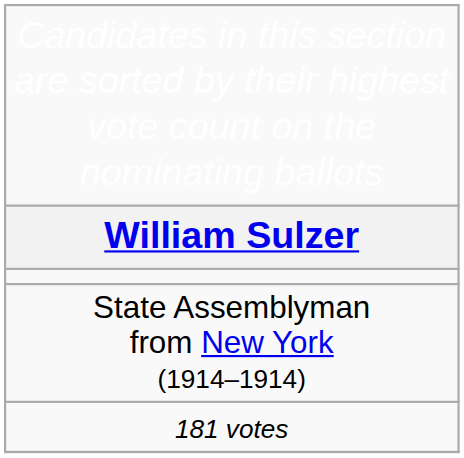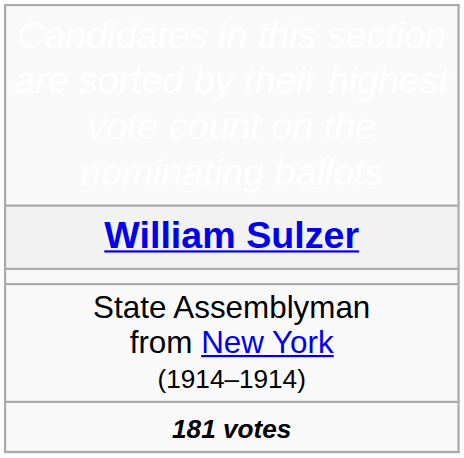 <table class="wikitable" style="font-size:90%">
 <tr>
 <td colspan="1" style="text-align:center; width:200px; font-size:120%; color:white; background:"><em>Candidates in this section are sorted by their highest vote count on the nominating ballots</em></td>
 </tr>
 <tr>
 <th scope="col" style="width:3em; font-size:120%;"><a href='#'>William Sulzer</a></th>
 </tr>
 <tr>
 <td></td>
 </tr>
 <tr style="text-align:center">
 <td>State Assemblyman<br>from <a href='#'>New York</a><br><small>(1914–1914)</small></td>
 </tr>
 <tr style="text-align:center">
-<td><em><small>181 votes</small></em></td>
+<td><strong><em><small>181 votes</small></em></strong></td>
 </tr>
 <tr>
 </tr>
 </table>
